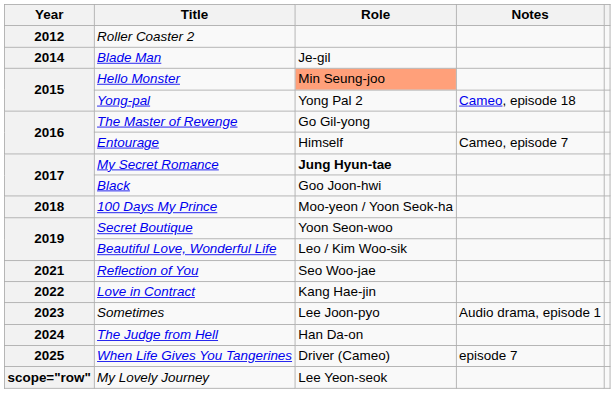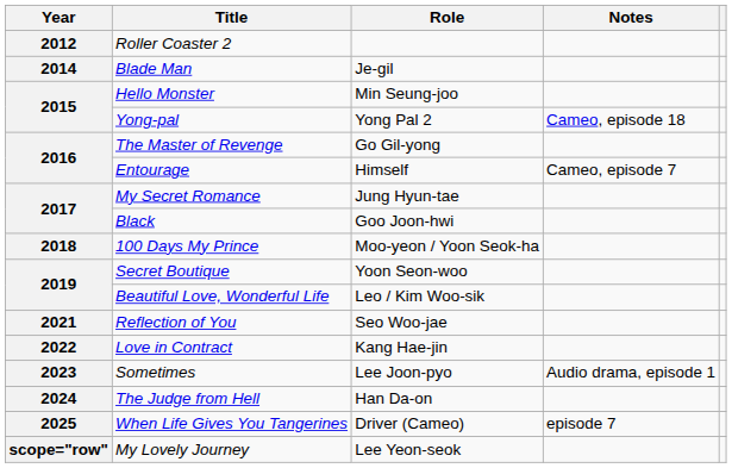 <table class="wikitable plainrowheaders sortable">
 <tr>
 <th scope="col">Year</th>
 <th scope="col">Title</th>
 <th scope="col">Role</th>
 <th scope="col">Notes</th>
 <th scope="col" class="unsortable"></th>
 </tr>
 <tr>
 <th scope="row">2012</th>
 <td><em>Roller Coaster 2</em></td>
 <td></td>
 <td></td>
 <td style="text-align:center"></td>
 </tr>
 <tr>
 <th scope="row">2014</th>
 <td><em><a href='#'>Blade Man</a></em></td>
 <td>Je-gil</td>
 <td></td>
 <td style="text-align:center"></td>
 </tr>
 <tr>
 <th scope="row" rowspan="2">2015</th>
 <td><em><a href='#'>Hello Monster</a></em></td>
-<td style="background: lightsalmon;">Min Seung-joo</td>
+<td>Min Seung-joo</td>
 <td></td>
 <td style="text-align:center"></td>
 </tr>
 <tr>
 <td><em><a href='#'>Yong-pal</a></em></td>
 <td>Yong Pal 2</td>
 <td><a href='#'>Cameo</a>, episode 18</td>
 <td style="text-align:center"></td>
 </tr>
 <tr>
 <th scope="row" rowspan="2">2016</th>
 <td><em><a href='#'>The Master of Revenge</a></em></td>
 <td>Go Gil-yong</td>
 <td></td>
 <td style="text-align:center"></td>
 </tr>
 <tr>
 <td><em><a href='#'>Entourage</a></em></td>
 <td>Himself</td>
 <td>Cameo, episode 7</td>
 <td style="text-align:center"></td>
 </tr>
 <tr>
 <th scope="row" rowspan="2">2017</th>
 <td><em><a href='#'>My Secret Romance</a></em></td>
-<td><strong>Jung Hyun-tae</strong></td>
+<td>Jung Hyun-tae</td>
 <td></td>
 <td style="text-align:center"></td>
 </tr>
 <tr>
 <td><em><a href='#'>Black</a></em></td>
 <td>Goo Joon-hwi</td>
 <td></td>
 <td style="text-align:center"></td>
 </tr>
 <tr>
 <th scope="row">2018</th>
 <td><em><a href='#'>100 Days My Prince</a></em></td>
 <td>Moo-yeon / Yoon Seok-ha</td>
 <td></td>
 <td style="text-align:center"></td>
 </tr>
 <tr>
 <th scope="row" rowspan="2">2019</th>
 <td><em><a href='#'>Secret Boutique</a></em></td>
 <td>Yoon Seon-woo</td>
 <td></td>
 <td style="text-align:center"></td>
 </tr>
 <tr>
 <td><em><a href='#'>Beautiful Love, Wonderful Life</a></em></td>
 <td>Leo / Kim Woo-sik</td>
 <td></td>
 <td style="text-align:center"></td>
 </tr>
 <tr>
 <th scope="row">2021</th>
 <td><em><a href='#'>Reflection of You</a></em></td>
 <td>Seo Woo-jae</td>
 <td></td>
 <td style="text-align:center"></td>
 </tr>
 <tr>
 <th scope="row">2022</th>
 <td><em><a href='#'>Love in Contract</a></em></td>
 <td>Kang Hae-jin</td>
 <td></td>
 <td style="text-align:center"></td>
 </tr>
 <tr>
 <th scope="row">2023</th>
 <td><em>Sometimes</em></td>
 <td>Lee Joon-pyo</td>
 <td>Audio drama, episode 1</td>
 <td style="text-align:center"></td>
 </tr>
 <tr>
 <th scope="row">2024</th>
 <td><em><a href='#'>The Judge from Hell</a></em></td>
 <td>Han Da-on</td>
 <td></td>
 <td style="text-align:center"></td>
 </tr>
 <tr>
 <th scope="row">2025</th>
 <td><em><a href='#'>When Life Gives You Tangerines</a></em></td>
 <td>Driver (Cameo)</td>
 <td>episode 7</td>
 <td style="text-align:center"></td>
 </tr>
 <tr>
 <th>scope="row" </th>
 <td><em>My Lovely Journey</em></td>
 <td>Lee Yeon-seok</td>
 <td></td>
 <td style="text-align:center"></td>
 </tr>
 </table>
